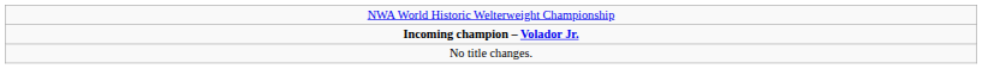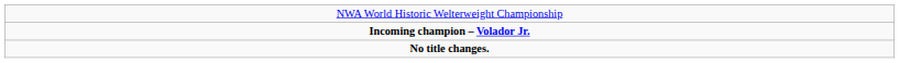 <table class="wikitable" style="text-align:center; width:100%;">
 <tr>
 <td style="text-align: center;"><a href='#'>NWA World Historic Welterweight Championship</a></td>
 </tr>
 <tr>
 <td style="text-align: center;"><strong>Incoming champion – <a href='#'>Volador Jr.</a></strong></td>
 </tr>
 <tr>
-<td>No title changes.</td>
+<td><strong>No title changes.</strong></td>
 </tr>
 </table>
